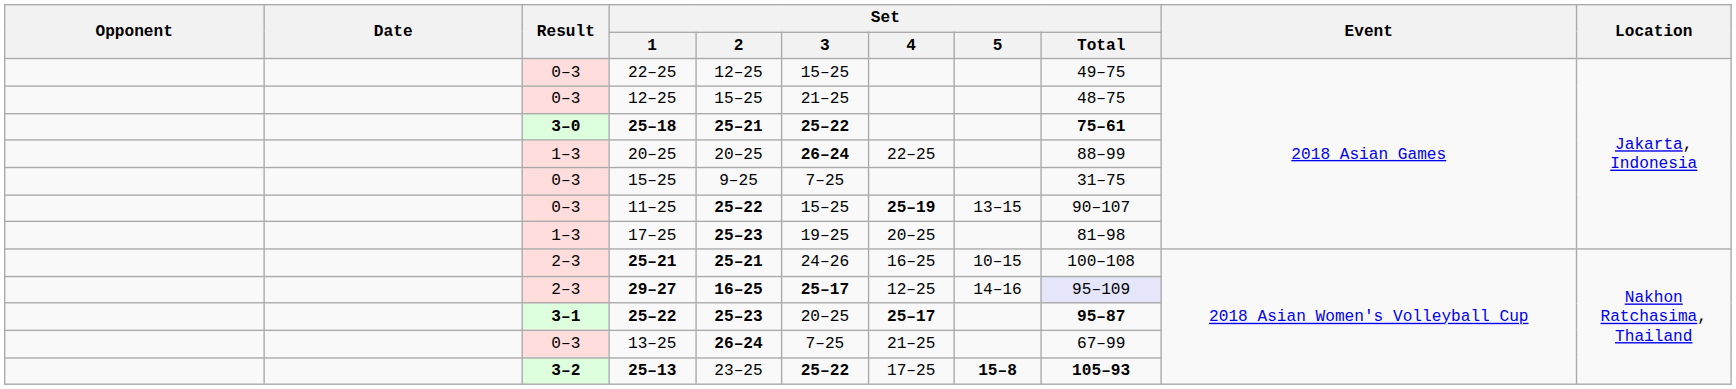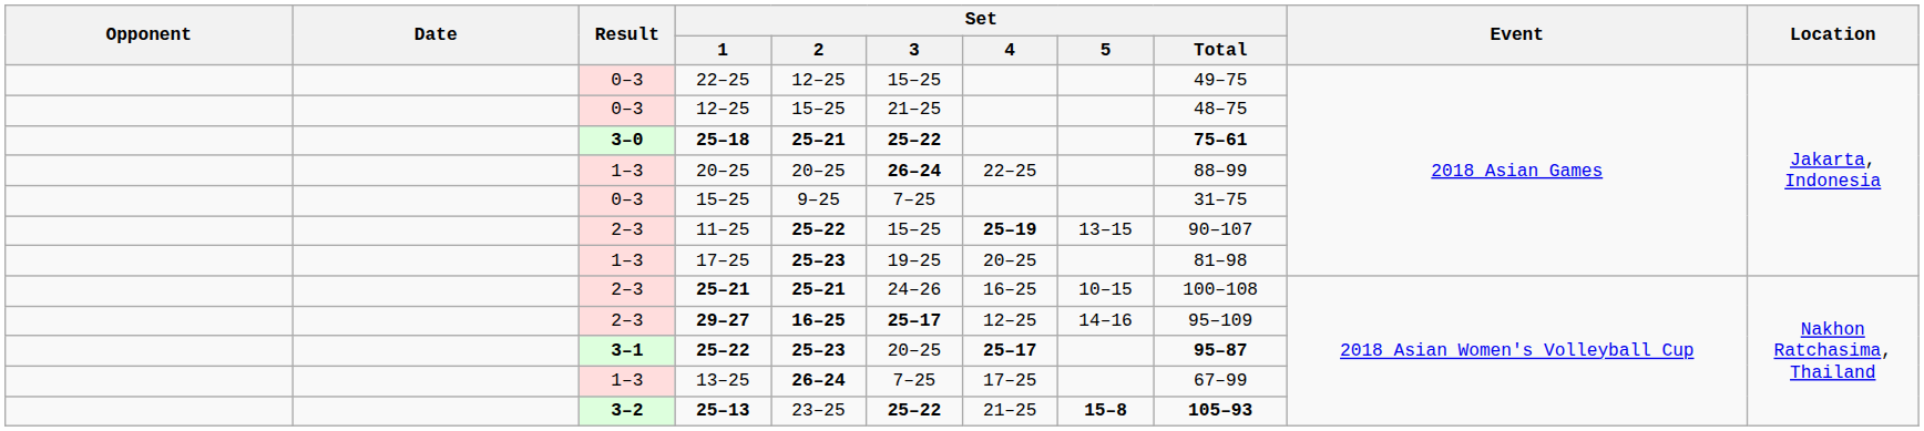 <table class="wikitable" style="font-size: 90%">
 <tr>
 <th rowspan=2 width=15%>Opponent</th>
 <th rowspan=2 width=15%>Date</th>
 <th rowspan=2 width=5%>Result</th>
 <th colspan=6>Set</th>
 <th rowspan=2 width=24%>Event</th>
 <th rowspan=2 width=16%>Location</th>
 </tr>
 <tr>
 <th width=5%>1</th>
 <th width=5%>2</th>
 <th width=5%>3</th>
 <th width=5%>4</th>
 <th width=5%>5</th>
 <th width=7%>Total</th>
 </tr>
 <tr style="text-align:center;">
 <td style="text-align:left;"></td>
 <td></td>
 <td style="background:#ffdddd;">0–3</td>
 <td>22–25</td>
 <td>12–25</td>
 <td>15–25</td>
 <td></td>
 <td></td>
 <td>49–75</td>
 <td rowspan=7><a href='#'>2018 Asian Games</a></td>
 <td rowspan=7><a href='#'>Jakarta</a>, <a href='#'>Indonesia</a></td>
 </tr>
 <tr style="text-align:center;">
 <td style="text-align:left;"></td>
 <td></td>
 <td style="background:#ffdddd;">0–3</td>
 <td>12–25</td>
 <td>15–25</td>
 <td>21–25</td>
 <td></td>
 <td></td>
 <td>48–75</td>
 </tr>
 <tr style="text-align:center;">
 <td style="text-align:left;"></td>
 <td></td>
 <td style="background:#ddffdd;"><strong>3–0</strong></td>
 <td><strong>25–18</strong></td>
 <td><strong>25–21</strong></td>
 <td><strong>25–22</strong></td>
 <td></td>
 <td></td>
 <td><strong>75–61</strong></td>
 </tr>
 <tr style="text-align:center;">
 <td style="text-align:left;"></td>
 <td></td>
 <td style="background:#ffdddd;">1–3</td>
 <td>20–25</td>
 <td>20–25</td>
 <td><strong>26–24</strong></td>
 <td>22–25</td>
 <td></td>
 <td>88–99</td>
 </tr>
 <tr style="text-align:center;">
 <td style="text-align:left;"></td>
 <td></td>
 <td style="background:#ffdddd;">0–3</td>
 <td>15–25</td>
 <td>9–25</td>
 <td>7–25</td>
 <td></td>
 <td></td>
 <td>31–75</td>
 </tr>
 <tr style="text-align:center;">
 <td style="text-align:left;"></td>
 <td></td>
-<td style="background:#ffdddd;">0–3</td>
+<td style="background:#ffdddd;">2–3</td>
 <td>11–25</td>
 <td><strong>25–22</strong></td>
 <td>15–25</td>
 <td><strong>25–19</strong></td>
 <td>13–15</td>
 <td>90–107</td>
 </tr>
 <tr style="text-align:center;">
 <td style="text-align:left;"></td>
 <td></td>
 <td style="background:#ffdddd;">1–3</td>
 <td>17–25</td>
 <td><strong>25–23</strong></td>
 <td>19–25</td>
 <td>20–25</td>
 <td></td>
 <td>81–98</td>
 </tr>
 <tr style="text-align:center;">
 <td style="text-align:left;"></td>
 <td></td>
 <td style="background:#ffdddd;">2–3</td>
 <td><strong>25–21</strong></td>
 <td><strong>25–21</strong></td>
 <td>24–26</td>
 <td>16–25</td>
 <td>10–15</td>
 <td>100–108</td>
 <td rowspan=5><a href='#'>2018 Asian Women's Volleyball Cup</a></td>
 <td rowspan=5><a href='#'>Nakhon Ratchasima</a>, <a href='#'>Thailand</a></td>
 </tr>
 <tr style="text-align:center;">
 <td style="text-align:left;"></td>
 <td></td>
 <td style="background:#ffdddd;">2–3</td>
 <td><strong>29–27</strong></td>
 <td><strong>16–25</strong></td>
 <td><strong>25–17</strong></td>
 <td>12–25</td>
 <td>14–16</td>
-<td style="background: lavender;">95–109</td>
+<td>95–109</td>
 </tr>
 <tr style="text-align:center;">
 <td style="text-align:left;"></td>
 <td></td>
 <td style="background:#ddffdd;"><strong>3–1</strong></td>
 <td><strong>25–22</strong></td>
 <td><strong>25–23</strong></td>
 <td>20–25</td>
 <td><strong>25–17</strong></td>
 <td></td>
 <td><strong>95–87</strong></td>
 </tr>
 <tr style="text-align:center;">
 <td style="text-align:left;"></td>
 <td></td>
-<td style="background:#ffdddd;">0–3</td>
+<td style="background:#ffdddd;">1–3</td>
 <td>13–25</td>
 <td><strong>26–24</strong></td>
 <td>7–25</td>
-<td>21–25</td>
+<td>17–25</td>
 <td></td>
 <td>67–99</td>
 </tr>
 <tr style="text-align:center;">
 <td style="text-align:left;"></td>
 <td></td>
 <td style="background:#ddffdd;"><strong>3–2</strong></td>
 <td><strong>25–13</strong></td>
 <td>23–25</td>
 <td><strong>25–22</strong></td>
-<td>17–25</td>
+<td>21–25</td>
 <td><strong>15–8</strong></td>
 <td><strong>105–93</strong></td>
 </tr>
 </table>
